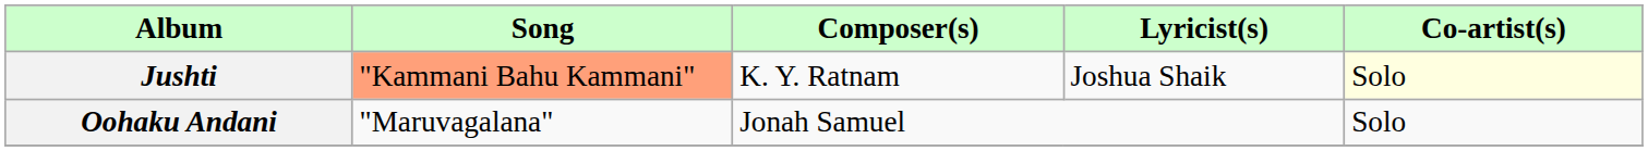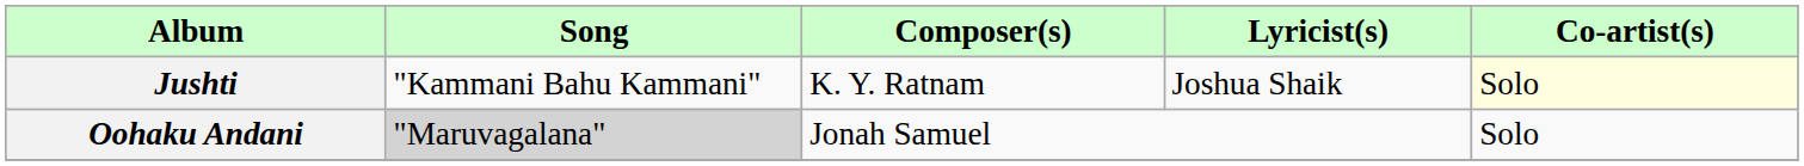 <table class="wikitable plainrowheaders" width="100%" textcolor:#000;">
 <tr style="background:#cfc; text-align:center;">
 <td scope="col" width="21%"><strong>Album</strong></td>
 <td scope="col" width=23%><strong>Song</strong></td>
 <td scope="col" width=20%><strong>Composer(s)</strong></td>
 <td scope="col" width=17%><strong>Lyricist(s)</strong></td>
 <td scope="col" width=18%><strong>Co-artist(s)</strong></td>
 </tr>
 <tr>
 <th><em>Jushti</em></th>
-<td style="background: lightsalmon;">"Kammani Bahu Kammani"</td>
+<td>"Kammani Bahu Kammani"</td>
 <td>K. Y. Ratnam</td>
 <td>Joshua Shaik</td>
 <td style="background: lightyellow;">Solo</td>
 </tr>
 <tr>
 <th><em>Oohaku Andani</em></th>
-<td>"Maruvagalana"</td>
+<td style="background: lightgrey;">"Maruvagalana"</td>
 <td colspan="2">Jonah Samuel</td>
 <td>Solo</td>
 </tr>
 <tr>
 </tr>
 </table>
